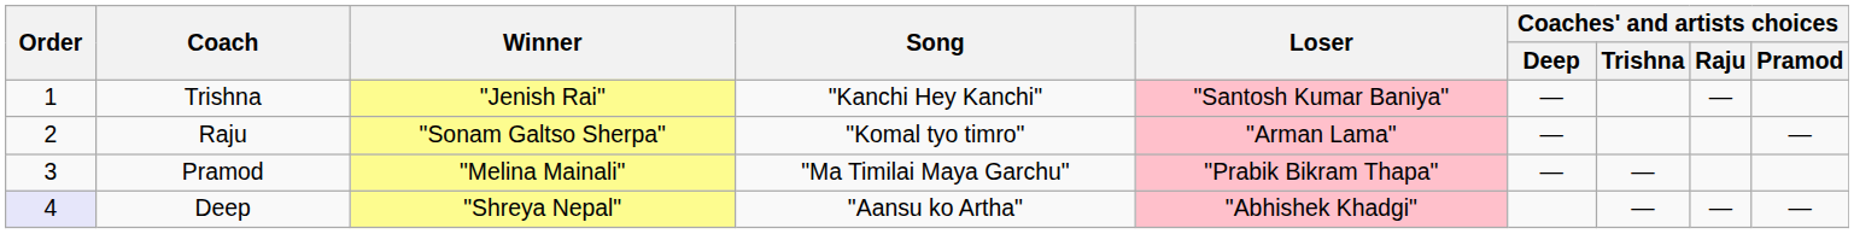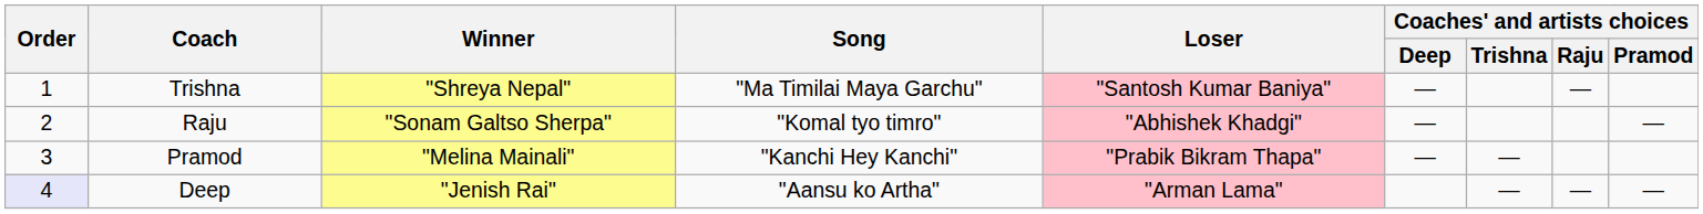 <table class="wikitable plainrowheaders" style="text-align:center; width:100%;">
 <tr>
 <th scope="col" style="width:05%;" rowspan="2">Order</th>
 <th scope="col" style="width:15%;" rowspan="2">Coach</th>
 <th scope="col" style="width:23%;" rowspan="2">Winner</th>
 <th scope="col" style="width:24%;" rowspan="2">Song</th>
 <th scope="col" style="width:22%;" rowspan="2">Loser</th>
 <th scope="col" style="width:20%;" colspan="4">Coaches' and artists choices</th>
 </tr>
 <tr>
 <th scope="col" style="width:05%;">Deep</th>
 <th scope="col" style="width:05%;">Trishna</th>
 <th scope="col" style="width:05%;">Raju</th>
 <th scope="col" style="width:05%;">Pramod</th>
 </tr>
 <tr>
 <td scope="row">1</td>
 <td>Trishna</td>
-<td style="background:#fdfc8f;text-align:center;">"Jenish Rai"</td>
-<td>"Kanchi Hey Kanchi"</td>
+<td style="background:#fdfc8f;text-align:center;">"Shreya Nepal"</td>
+<td>"Ma Timilai Maya Garchu"</td>
 <td style="background:pink;text-align:center;">"Santosh Kumar Baniya"</td>
 <td>—</td>
 <td></td>
 <td>—</td>
 </tr>
 <tr>
 <td scope="row">2</td>
 <td>Raju</td>
 <td style="background:#fdfc8f;text-align:center;">"Sonam Galtso Sherpa"</td>
 <td>"Komal tyo timro"</td>
-<td style="background:pink;text-align:center;">"Arman Lama"</td>
+<td style="background:pink;text-align:center;">"Abhishek Khadgi"</td>
 <td>—</td>
 <td></td>
 <td></td>
 <td>—</td>
 </tr>
 <tr>
 <td scope="row">3</td>
 <td>Pramod</td>
 <td style="background:#fdfc8f;text-align:center;">"Melina Mainali"</td>
-<td>"Ma Timilai Maya Garchu"</td>
+<td>"Kanchi Hey Kanchi"</td>
 <td style="background:pink;text-align:center;">"Prabik Bikram Thapa"</td>
 <td>—</td>
 <td>—</td>
 <td></td>
 </tr>
 <tr>
 <td scope="row" style="background: lavender;">4</td>
 <td>Deep</td>
-<td style="background:#fdfc8f;text-align:center;">"Shreya Nepal"</td>
+<td style="background:#fdfc8f;text-align:center;">"Jenish Rai"</td>
 <td>"Aansu ko Artha"</td>
-<td style="background:pink;text-align:center;">"Abhishek Khadgi"</td>
+<td style="background:pink;text-align:center;">"Arman Lama"</td>
 <td></td>
 <td>—</td>
 <td>—</td>
 <td>—</td>
 </tr>
 </table>
